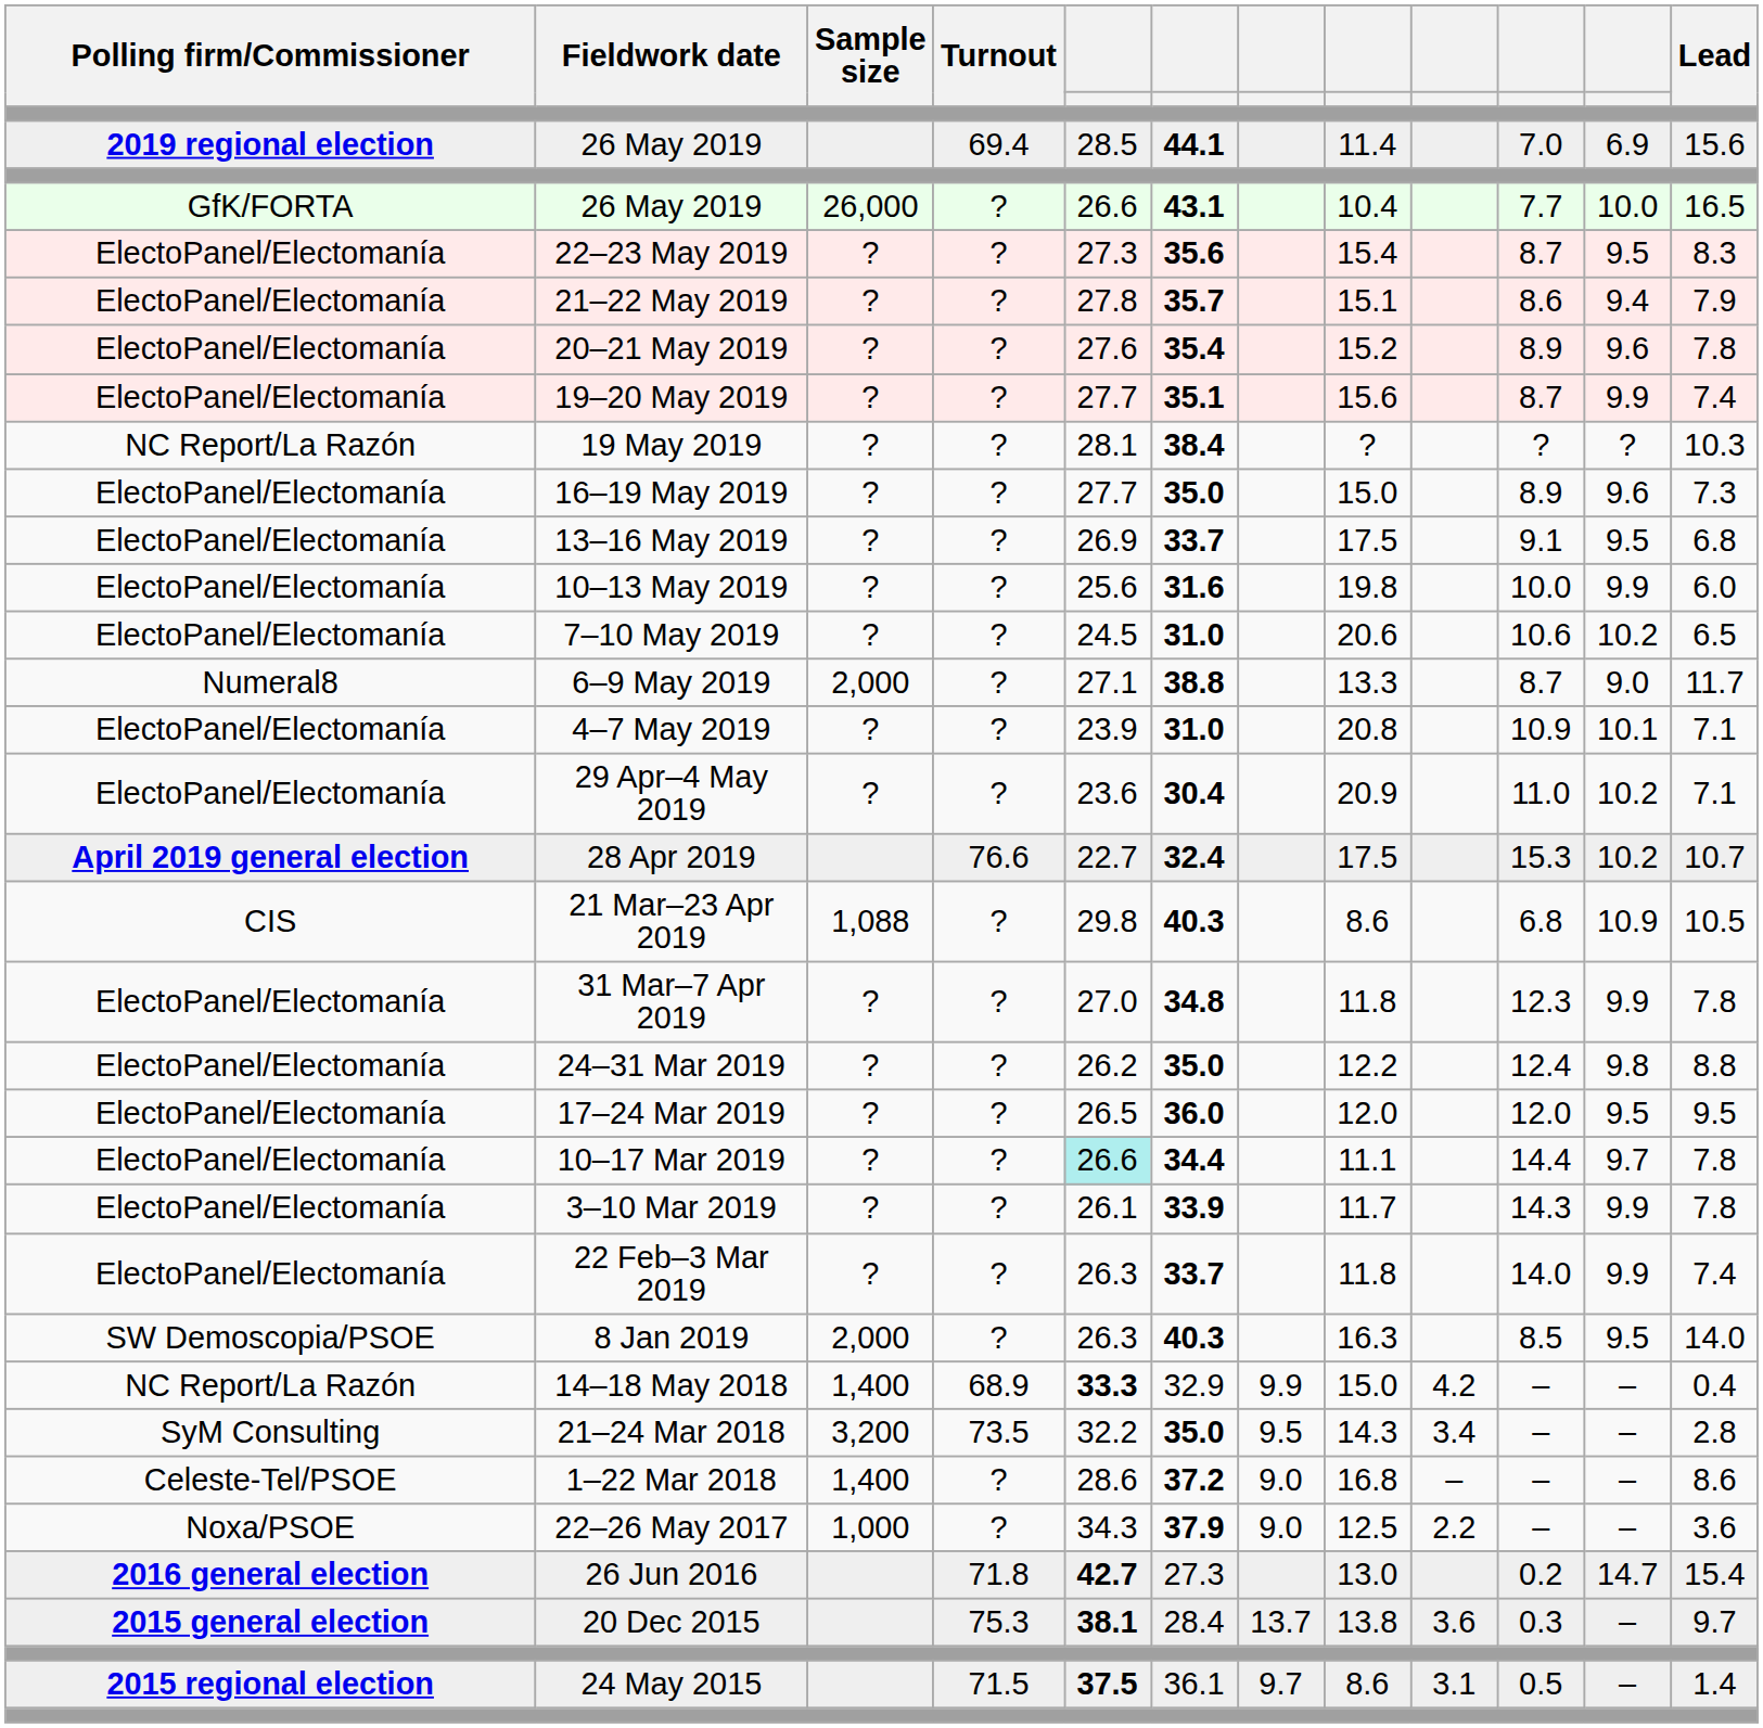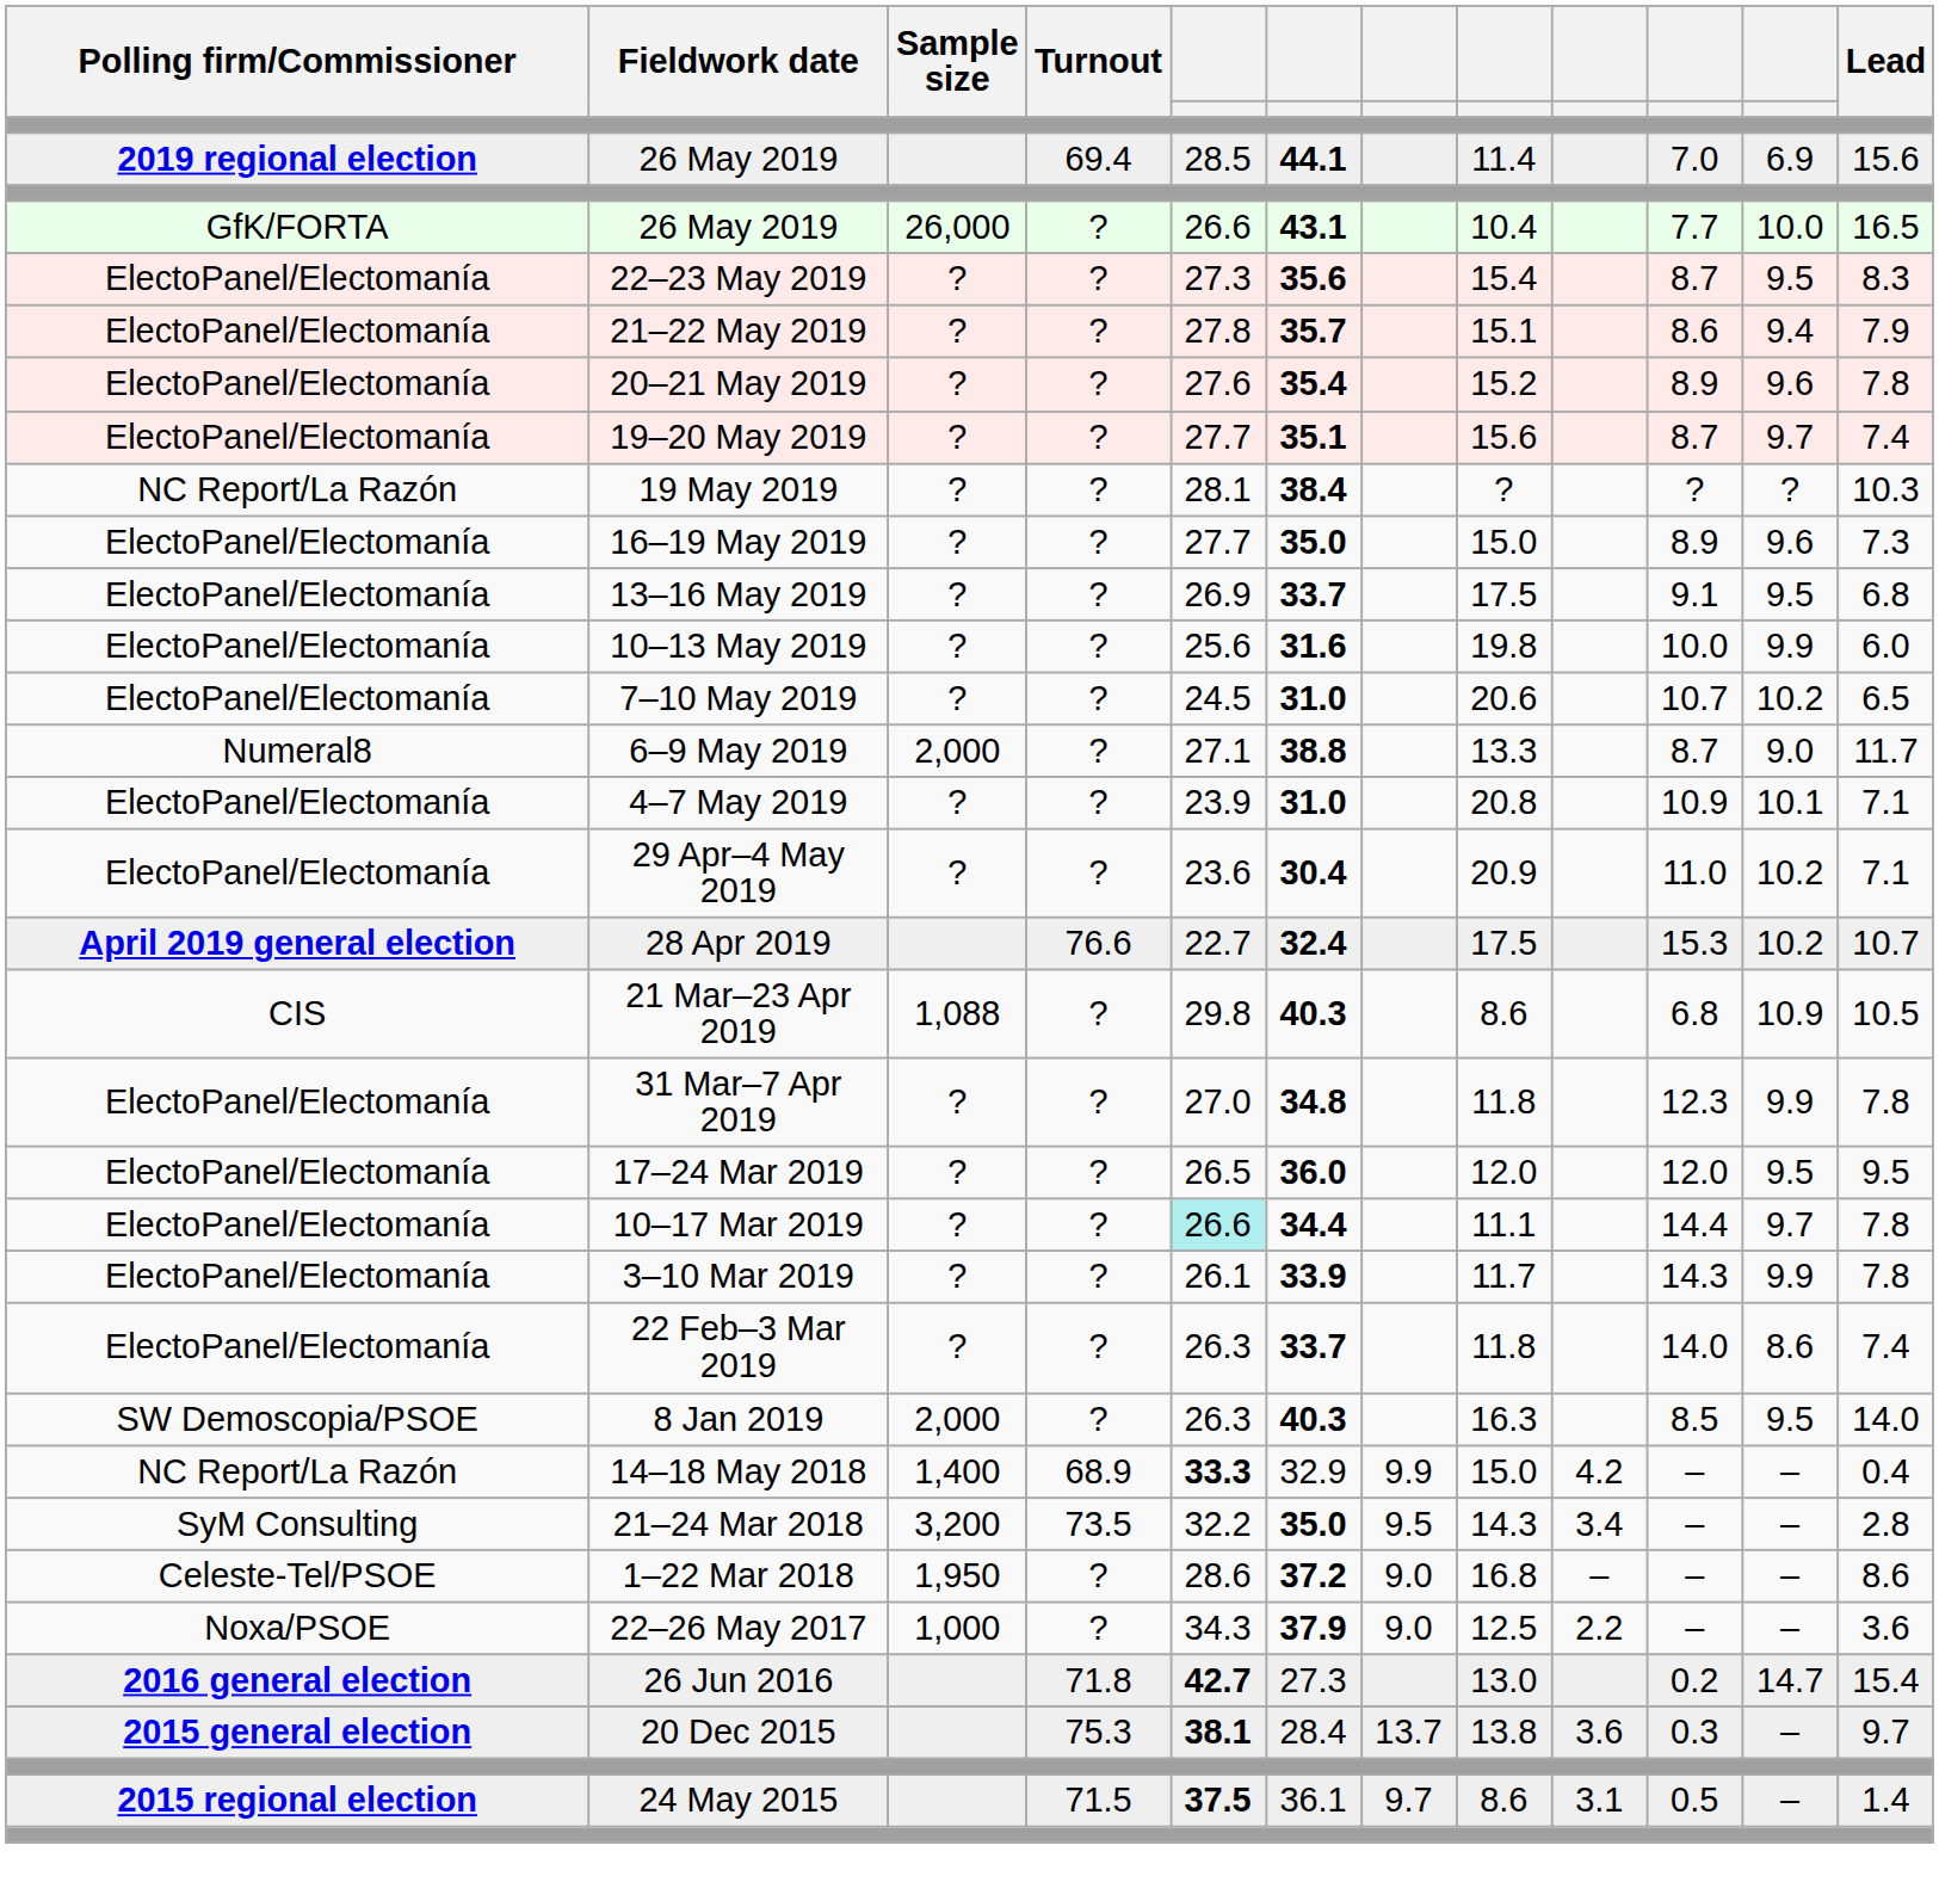 <table class="wikitable collapsible collapsed" style="text-align:center; font-size:95%; line-height:16px;">
 <tr style="height:42px;">
 <th style="width:250px;" rowspan="2">Polling firm/Commissioner</th>
 <th style="width:125px;" rowspan="2">Fieldwork date</th>
 <th style="width:50px;" rowspan="2">Sample size</th>
 <th style="width:45px;" rowspan="2">Turnout</th>
 <th style="width:35px;"></th>
 <th style="width:35px;"></th>
 <th style="width:35px;"></th>
 <th style="width:35px;"></th>
 <th style="width:35px;"></th>
 <th style="width:35px;"></th>
 <th style="width:35px;"></th>
 <th style="width:30px;" rowspan="2">Lead</th>
 </tr>
 <tr>
 <th style="color:inherit;background:"></th>
 <th style="color:inherit;background:"></th>
 <th style="color:inherit;background:"></th>
 <th style="color:inherit;background:"></th>
 <th style="color:inherit;background:"></th>
 <th style="color:inherit;background:"></th>
 <th style="color:inherit;background:"></th>
 </tr>
 <tr>
 <td colspan="12" style="background:#A0A0A0"></td>
 </tr>
 <tr style="background:#EFEFEF;">
 <td><strong><a href='#'>2019 regional election</a></strong></td>
 <td>26 May 2019</td>
 <td></td>
 <td>69.4</td>
 <td>28.5<br></td>
 <td><strong>44.1</strong><br></td>
 <td></td>
 <td>11.4<br></td>
 <td></td>
 <td>7.0<br></td>
 <td>6.9<br></td>
 <td style="background:">15.6</td>
 </tr>
 <tr>
 <td colspan="12" style="background:#A0A0A0"></td>
 </tr>
 <tr style="background:#EAFFEA;">
 <td>GfK/FORTA</td>
 <td>26 May 2019</td>
 <td>26,000</td>
 <td>?</td>
 <td>26.6<br></td>
 <td><strong>43.1</strong><br></td>
 <td></td>
 <td>10.4<br></td>
 <td></td>
 <td>7.7<br></td>
 <td>10.0<br></td>
 <td style="background:">16.5</td>
 </tr>
 <tr style="background:#FFEAEA;">
 <td>ElectoPanel/Electomanía</td>
 <td>22–23 May 2019</td>
 <td>?</td>
 <td>?</td>
 <td>27.3<br></td>
 <td><strong>35.6</strong><br></td>
 <td></td>
 <td>15.4<br></td>
 <td></td>
 <td>8.7<br></td>
 <td>9.5<br></td>
 <td style="background:">8.3</td>
 </tr>
 <tr style="background:#FFEAEA;">
 <td>ElectoPanel/Electomanía</td>
 <td>21–22 May 2019</td>
 <td>?</td>
 <td>?</td>
 <td>27.8<br></td>
 <td><strong>35.7</strong><br></td>
 <td></td>
 <td>15.1<br></td>
 <td></td>
 <td>8.6<br></td>
 <td>9.4<br></td>
 <td style="background:">7.9</td>
 </tr>
 <tr style="background:#FFEAEA;">
 <td>ElectoPanel/Electomanía</td>
 <td>20–21 May 2019</td>
 <td>?</td>
 <td>?</td>
 <td>27.6<br></td>
 <td><strong>35.4</strong><br></td>
 <td></td>
 <td>15.2<br></td>
 <td></td>
 <td>8.9<br></td>
 <td>9.6<br></td>
 <td style="background:">7.8</td>
 </tr>
 <tr style="background:#FFEAEA;">
 <td>ElectoPanel/Electomanía</td>
 <td>19–20 May 2019</td>
 <td>?</td>
 <td>?</td>
 <td>27.7<br></td>
 <td><strong>35.1</strong><br></td>
 <td></td>
 <td>15.6<br></td>
 <td></td>
 <td>8.7<br></td>
-<td>9.9<br></td>
+<td>9.7<br></td>
 <td style="background:">7.4</td>
 </tr>
 <tr>
 <td>NC Report/La Razón</td>
 <td>19 May 2019</td>
 <td>?</td>
 <td>?</td>
 <td>28.1<br></td>
 <td><strong>38.4</strong><br></td>
 <td></td>
 <td>?<br></td>
 <td></td>
 <td>?<br></td>
 <td>?<br></td>
 <td style="background:">10.3</td>
 </tr>
 <tr>
 <td>ElectoPanel/Electomanía</td>
 <td>16–19 May 2019</td>
 <td>?</td>
 <td>?</td>
 <td>27.7<br></td>
 <td><strong>35.0</strong><br></td>
 <td></td>
 <td>15.0<br></td>
 <td></td>
 <td>8.9<br></td>
 <td>9.6<br></td>
 <td style="background:">7.3</td>
 </tr>
 <tr>
 <td>ElectoPanel/Electomanía</td>
 <td>13–16 May 2019</td>
 <td>?</td>
 <td>?</td>
 <td>26.9<br></td>
 <td><strong>33.7</strong><br></td>
 <td></td>
 <td>17.5<br></td>
 <td></td>
 <td>9.1<br></td>
 <td>9.5<br></td>
 <td style="background:">6.8</td>
 </tr>
 <tr>
 <td>ElectoPanel/Electomanía</td>
 <td>10–13 May 2019</td>
 <td>?</td>
 <td>?</td>
 <td>25.6<br></td>
 <td><strong>31.6</strong><br></td>
 <td></td>
 <td>19.8<br></td>
 <td></td>
 <td>10.0<br></td>
 <td>9.9<br></td>
 <td style="background:">6.0</td>
 </tr>
 <tr>
 <td>ElectoPanel/Electomanía</td>
 <td>7–10 May 2019</td>
 <td>?</td>
 <td>?</td>
 <td>24.5<br></td>
 <td><strong>31.0</strong><br></td>
 <td></td>
 <td>20.6<br></td>
 <td></td>
-<td>10.6<br></td>
+<td>10.7<br></td>
 <td>10.2<br></td>
 <td style="background:">6.5</td>
 </tr>
 <tr>
 <td>Numeral8</td>
 <td>6–9 May 2019</td>
 <td>2,000</td>
 <td>?</td>
 <td>27.1<br></td>
 <td><strong>38.8</strong><br></td>
 <td></td>
 <td>13.3<br></td>
 <td></td>
 <td>8.7<br></td>
 <td>9.0<br></td>
 <td style="background:">11.7</td>
 </tr>
 <tr>
 <td>ElectoPanel/Electomanía</td>
 <td>4–7 May 2019</td>
 <td>?</td>
 <td>?</td>
 <td>23.9<br></td>
 <td><strong>31.0</strong><br></td>
 <td></td>
 <td>20.8<br></td>
 <td></td>
 <td>10.9<br></td>
 <td>10.1<br></td>
 <td style="background:">7.1</td>
 </tr>
 <tr>
 <td>ElectoPanel/Electomanía</td>
 <td>29 Apr–4 May 2019</td>
 <td>?</td>
 <td>?</td>
 <td>23.6<br></td>
 <td><strong>30.4</strong><br></td>
 <td></td>
 <td>20.9<br></td>
 <td></td>
 <td>11.0<br></td>
 <td>10.2<br></td>
 <td style="background:">7.1</td>
 </tr>
 <tr style="background:#EFEFEF;">
 <td><strong><a href='#'>April 2019 general election</a></strong></td>
 <td>28 Apr 2019</td>
 <td></td>
 <td>76.6</td>
 <td>22.7<br></td>
 <td><strong>32.4</strong><br></td>
 <td></td>
 <td>17.5<br></td>
 <td></td>
 <td>15.3<br></td>
 <td>10.2<br></td>
 <td style="background:">10.7</td>
 </tr>
 <tr>
 <td>CIS</td>
 <td>21 Mar–23 Apr 2019</td>
 <td>1,088</td>
 <td>?</td>
 <td>29.8<br></td>
 <td><strong>40.3</strong><br></td>
 <td></td>
 <td>8.6<br></td>
 <td></td>
 <td>6.8<br></td>
 <td>10.9<br></td>
 <td style="background:">10.5</td>
 </tr>
 <tr>
 <td>ElectoPanel/Electomanía</td>
 <td>31 Mar–7 Apr 2019</td>
 <td>?</td>
 <td>?</td>
 <td>27.0<br></td>
 <td><strong>34.8</strong><br></td>
 <td></td>
 <td>11.8<br></td>
 <td></td>
 <td>12.3<br></td>
 <td>9.9<br></td>
 <td style="background:">7.8</td>
 </tr>
 <tr>
 <td>ElectoPanel/Electomanía</td>
-<td>24–31 Mar 2019</td>
-<td>?</td>
-<td>?</td>
-<td>26.2<br></td>
-<td><strong>35.0</strong><br></td>
-<td></td>
-<td>12.2<br></td>
-<td></td>
-<td>12.4<br></td>
-<td>9.8<br></td>
-<td style="background:">8.8</td>
-</tr>
-<tr>
-<td>ElectoPanel/Electomanía</td>
 <td>17–24 Mar 2019</td>
 <td>?</td>
 <td>?</td>
 <td>26.5<br></td>
 <td><strong>36.0</strong><br></td>
 <td></td>
 <td>12.0<br></td>
 <td></td>
 <td>12.0<br></td>
 <td>9.5<br></td>
 <td style="background:">9.5</td>
 </tr>
 <tr>
 <td>ElectoPanel/Electomanía</td>
 <td>10–17 Mar 2019</td>
 <td>?</td>
 <td>?</td>
 <td style="background: paleturquoise;">26.6<br></td>
 <td><strong>34.4</strong><br></td>
 <td></td>
 <td>11.1<br></td>
 <td></td>
 <td>14.4<br></td>
 <td>9.7<br></td>
 <td style="background:">7.8</td>
 </tr>
 <tr>
 <td>ElectoPanel/Electomanía</td>
 <td>3–10 Mar 2019</td>
 <td>?</td>
 <td>?</td>
 <td>26.1<br></td>
 <td><strong>33.9</strong><br></td>
 <td></td>
 <td>11.7<br></td>
 <td></td>
 <td>14.3<br></td>
 <td>9.9<br></td>
 <td style="background:">7.8</td>
 </tr>
 <tr>
 <td>ElectoPanel/Electomanía</td>
 <td>22 Feb–3 Mar 2019</td>
 <td>?</td>
 <td>?</td>
 <td>26.3<br></td>
 <td><strong>33.7</strong><br></td>
 <td></td>
 <td>11.8<br></td>
 <td></td>
 <td>14.0<br></td>
-<td>9.9<br></td>
+<td>8.6<br></td>
 <td style="background:">7.4</td>
 </tr>
 <tr>
 <td>SW Demoscopia/PSOE</td>
 <td>8 Jan 2019</td>
 <td>2,000</td>
 <td>?</td>
 <td>26.3<br></td>
 <td><strong>40.3</strong><br></td>
 <td></td>
 <td>16.3<br></td>
 <td></td>
 <td>8.5<br></td>
 <td>9.5<br></td>
 <td style="background:">14.0</td>
 </tr>
 <tr>
 <td>NC Report/La Razón</td>
 <td>14–18 May 2018</td>
 <td>1,400</td>
 <td>68.9</td>
 <td><strong>33.3</strong><br></td>
 <td>32.9<br></td>
 <td>9.9<br></td>
 <td>15.0<br></td>
 <td>4.2<br></td>
 <td>–</td>
 <td>–</td>
 <td style="background:">0.4</td>
 </tr>
 <tr>
 <td>SyM Consulting</td>
 <td>21–24 Mar 2018</td>
 <td>3,200</td>
 <td>73.5</td>
 <td>32.2<br></td>
 <td><strong>35.0</strong><br></td>
 <td>9.5<br></td>
 <td>14.3<br></td>
 <td>3.4<br></td>
 <td>–</td>
 <td>–</td>
 <td style="background:">2.8</td>
 </tr>
 <tr>
 <td>Celeste-Tel/PSOE</td>
 <td>1–22 Mar 2018</td>
-<td>1,400</td>
+<td>1,950</td>
 <td>?</td>
 <td>28.6<br></td>
 <td><strong>37.2</strong><br></td>
 <td>9.0<br></td>
 <td>16.8<br></td>
 <td>–</td>
 <td>–</td>
 <td>–</td>
 <td style="background:">8.6</td>
 </tr>
 <tr>
 <td>Noxa/PSOE</td>
 <td>22–26 May 2017</td>
 <td>1,000</td>
 <td>?</td>
 <td>34.3</td>
 <td><strong>37.9</strong></td>
 <td>9.0</td>
 <td>12.5</td>
 <td>2.2</td>
 <td>–</td>
 <td>–</td>
 <td style="background:">3.6</td>
 </tr>
 <tr style="background:#EFEFEF;">
 <td><strong><a href='#'>2016 general election</a></strong></td>
 <td>26 Jun 2016</td>
 <td></td>
 <td>71.8</td>
 <td><strong>42.7</strong><br></td>
 <td>27.3<br></td>
 <td></td>
 <td>13.0<br></td>
 <td></td>
 <td>0.2<br></td>
 <td>14.7<br></td>
 <td style="background:">15.4</td>
 </tr>
 <tr style="background:#EFEFEF;">
 <td><strong><a href='#'>2015 general election</a></strong></td>
 <td>20 Dec 2015</td>
 <td></td>
 <td>75.3</td>
 <td><strong>38.1</strong><br></td>
 <td>28.4<br></td>
 <td>13.7<br></td>
 <td>13.8<br></td>
 <td>3.6<br></td>
 <td>0.3<br></td>
 <td>–</td>
 <td style="background:">9.7</td>
 </tr>
 <tr>
 <td colspan="12" style="background:#A0A0A0"></td>
 </tr>
 <tr style="background:#EFEFEF;">
 <td><strong><a href='#'>2015 regional election</a></strong></td>
 <td>24 May 2015</td>
 <td></td>
 <td>71.5</td>
 <td><strong>37.5</strong><br></td>
 <td>36.1<br></td>
 <td>9.7<br></td>
 <td>8.6<br></td>
 <td>3.1<br></td>
 <td>0.5<br></td>
 <td>–</td>
 <td style="background:">1.4</td>
 </tr>
 <tr>
 <td colspan="12" style="background:#A0A0A0"></td>
 </tr>
 </table>
